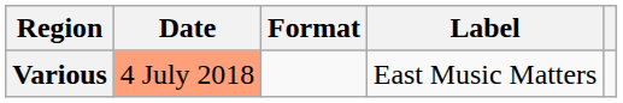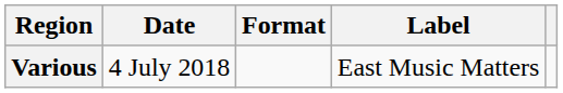 <table class="wikitable plainrowheaders">
 <tr>
 <th>Region</th>
 <th>Date</th>
 <th>Format</th>
 <th>Label</th>
 <th></th>
 </tr>
 <tr>
 <th scope="row" rowspan="2">Various</th>
-<td style="background: lightsalmon;">4 July 2018</td>
+<td>4 July 2018</td>
 <td></td>
 <td>East Music Matters</td>
 <td></td>
 </tr>
 </table>
